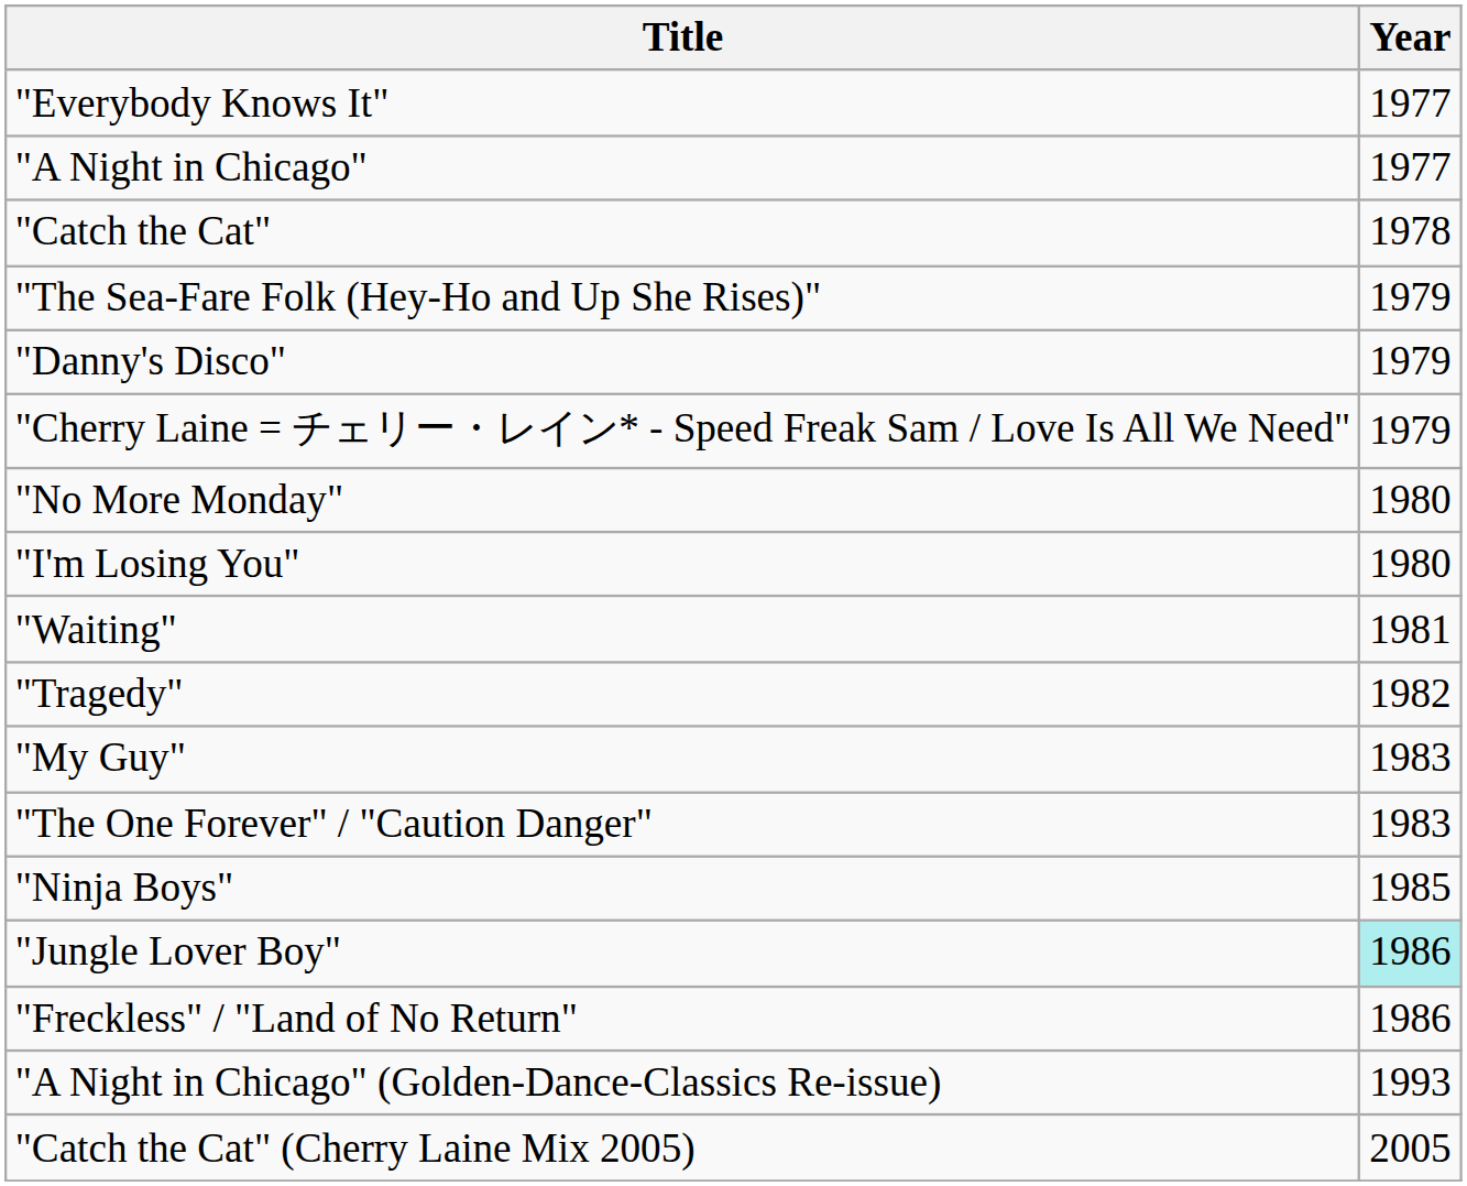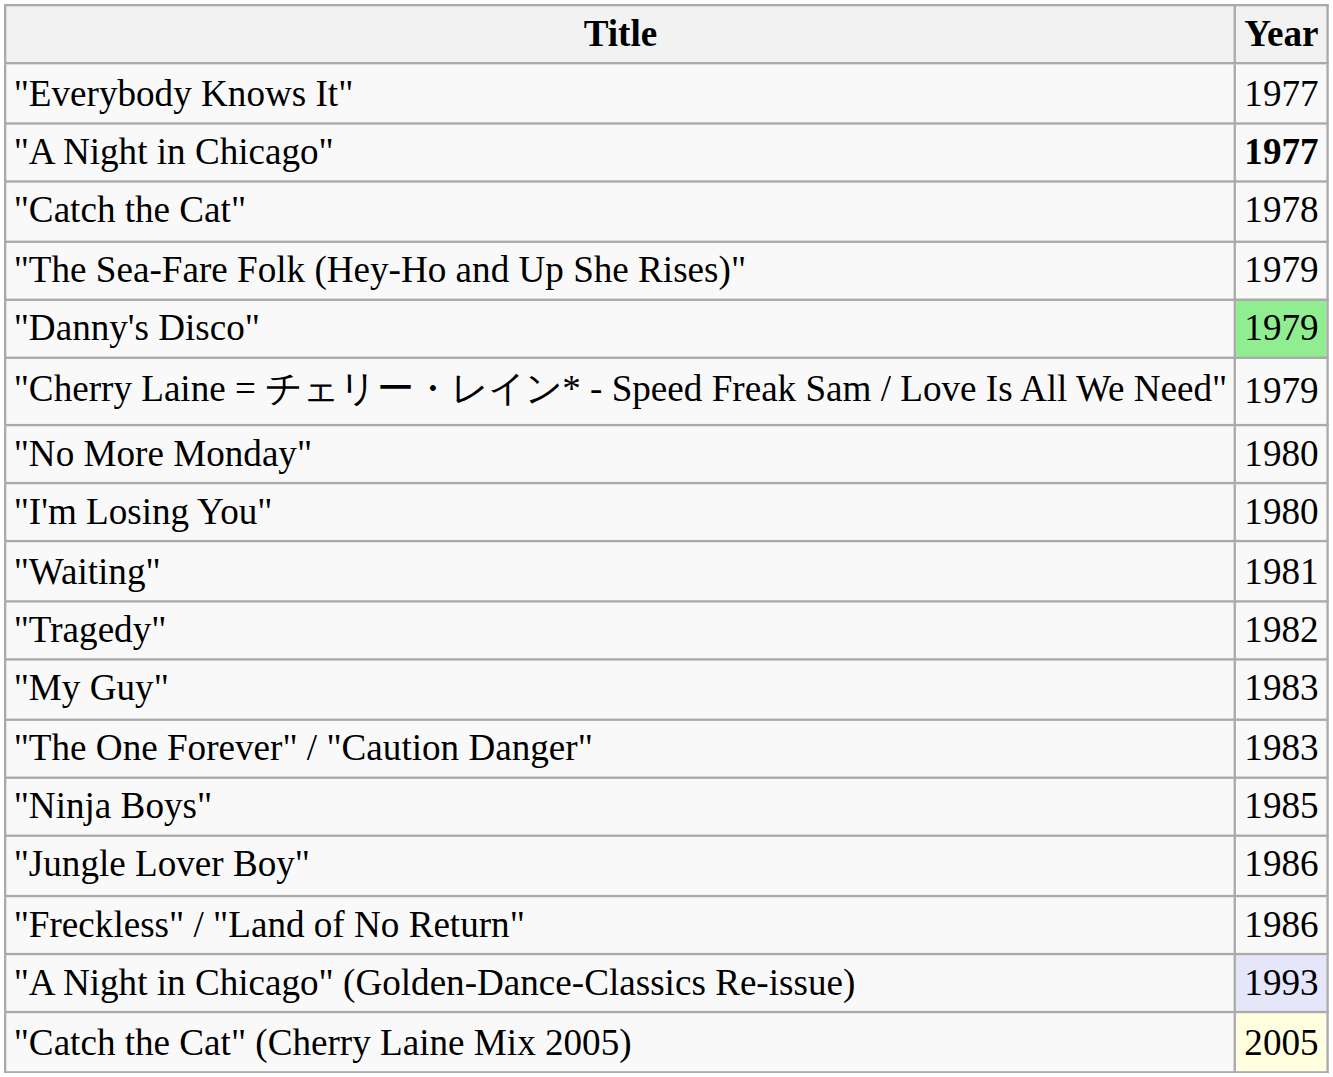 <table class="wikitable">
 <tr>
 <th>Title</th>
 <th>Year</th>
 </tr>
 <tr>
 <td>"Everybody Knows It"</td>
 <td>1977</td>
 </tr>
 <tr>
 <td>"A Night in Chicago"</td>
-<td>1977</td>
+<td><strong>1977</strong></td>
 </tr>
 <tr>
 <td>"Catch the Cat"</td>
 <td>1978</td>
 </tr>
 <tr>
 <td>"The Sea-Fare Folk (Hey-Ho and Up She Rises)"</td>
 <td>1979</td>
 </tr>
 <tr>
 <td>"Danny's Disco"</td>
-<td>1979</td>
+<td style="background: lightgreen;">1979</td>
 </tr>
 <tr>
 <td>"Cherry Laine = チェリー・レイン* - Speed Freak Sam / Love Is All We Need"</td>
 <td>1979</td>
 </tr>
 <tr>
 <td>"No More Monday"</td>
 <td>1980</td>
 </tr>
 <tr>
 <td>"I'm Losing You"</td>
 <td>1980</td>
 </tr>
 <tr>
 <td>"Waiting"</td>
 <td>1981</td>
 </tr>
 <tr>
 <td>"Tragedy"</td>
 <td>1982</td>
 </tr>
 <tr>
 <td>"My Guy"</td>
 <td>1983</td>
 </tr>
 <tr>
 <td>"The One Forever" / "Caution Danger"</td>
 <td>1983</td>
 </tr>
 <tr>
 <td>"Ninja Boys"</td>
 <td>1985</td>
 </tr>
 <tr>
 <td>"Jungle Lover Boy"</td>
-<td style="background: paleturquoise;">1986</td>
+<td>1986</td>
 </tr>
 <tr>
 <td>"Freckless" / "Land of No Return"</td>
 <td>1986</td>
 </tr>
 <tr>
 <td>"A Night in Chicago" (Golden-Dance-Classics Re-issue)</td>
-<td>1993</td>
+<td style="background: lavender;">1993</td>
 </tr>
 <tr>
 <td>"Catch the Cat" (Cherry Laine Mix 2005)</td>
-<td>2005</td>
+<td style="background: lightyellow;">2005</td>
 </tr>
 </table>
